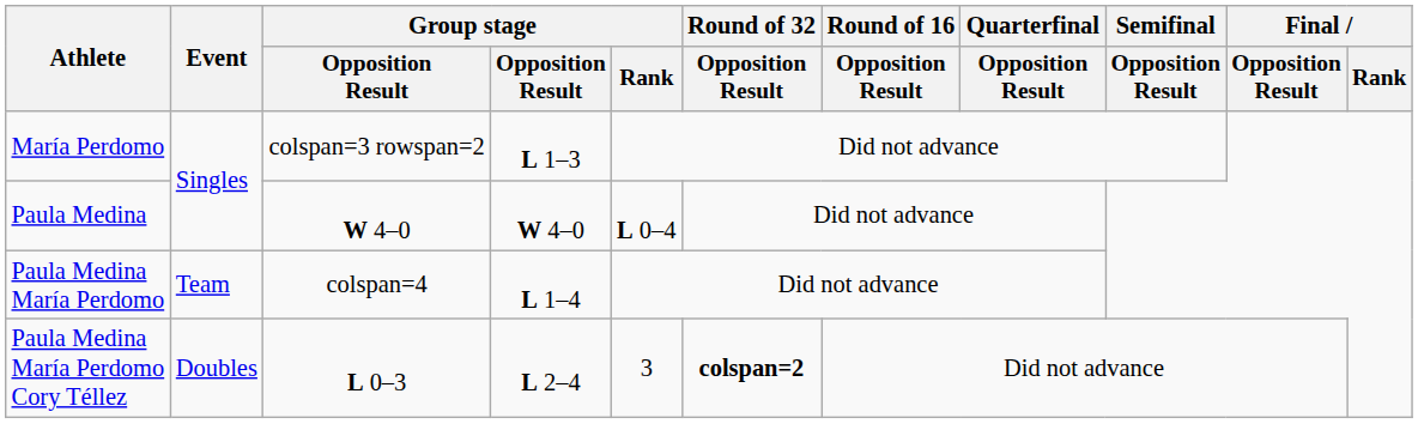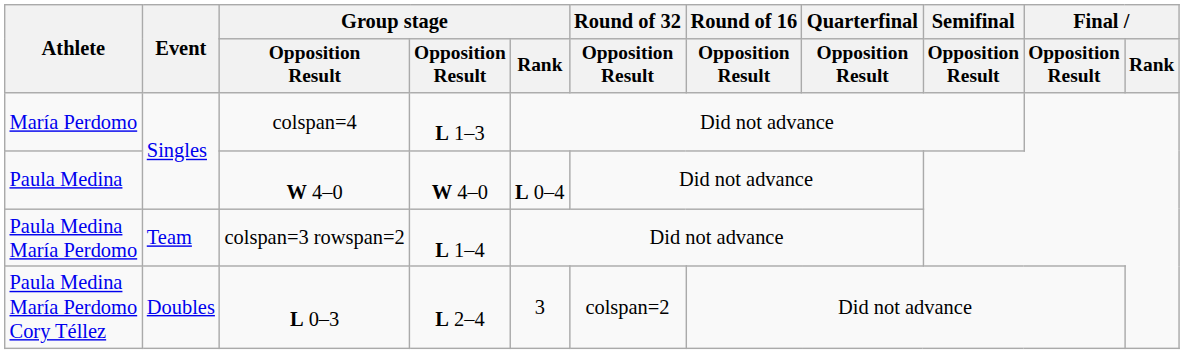 <table class=wikitable style=font-size:90%;text-align:center>
 <tr>
 <th rowspan=2>Athlete</th>
 <th rowspan=2>Event</th>
 <th colspan=3>Group stage</th>
 <th>Round of 32</th>
 <th>Round of 16</th>
 <th>Quarterfinal</th>
 <th>Semifinal</th>
 <th colspan=2>Final / </th>
 </tr>
 <tr style=font-size:95%>
 <th>Opposition<br>Result</th>
 <th>Opposition<br>Result</th>
 <th>Rank</th>
 <th>Opposition<br>Result</th>
 <th>Opposition<br>Result</th>
 <th>Opposition<br>Result</th>
 <th>Opposition<br>Result</th>
 <th>Opposition<br>Result</th>
 <th>Rank</th>
 </tr>
 <tr>
 <td align=left><a href='#'>María Perdomo</a></td>
 <td align=left rowspan=2><a href='#'>Singles</a></td>
-<td>colspan=3 rowspan=2 </td>
+<td>colspan=4 </td>
 <td><br><strong>L</strong> 1–3</td>
 <td colspan=5>Did not advance</td>
 </tr>
 <tr>
 <td align=left><a href='#'>Paula Medina</a></td>
 <td><br><strong>W</strong> 4–0</td>
 <td><br><strong>W</strong> 4–0</td>
 <td><br><strong>L</strong> 0–4</td>
 <td colspan=3>Did not advance</td>
 </tr>
 <tr>
 <td align=left><a href='#'>Paula Medina</a><br><a href='#'>María Perdomo</a></td>
 <td align=left><a href='#'>Team</a></td>
-<td>colspan=4 </td>
+<td>colspan=3 rowspan=2 </td>
 <td><br><strong>L</strong> 1–4</td>
 <td colspan=4>Did not advance</td>
 </tr>
 <tr>
 <td align=left><a href='#'>Paula Medina</a><br><a href='#'>María Perdomo</a><br><a href='#'>Cory Téllez</a></td>
 <td align=left><a href='#'>Doubles</a></td>
 <td><br><strong>L</strong> 0–3</td>
 <td><br><strong>L</strong> 2–4</td>
 <td>3</td>
-<td><strong>colspan=2 </strong></td>
+<td>colspan=2 </td>
 <td colspan=4>Did not advance</td>
 </tr>
 </table>
